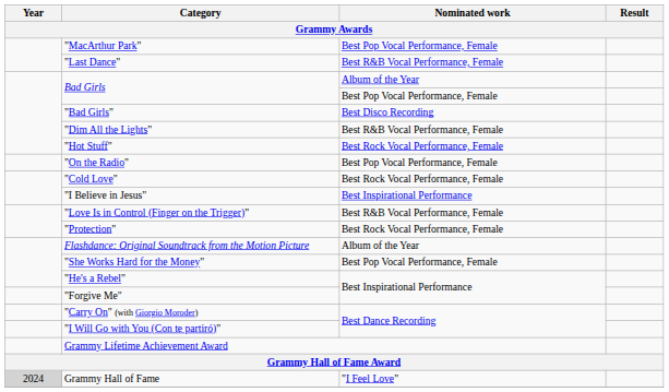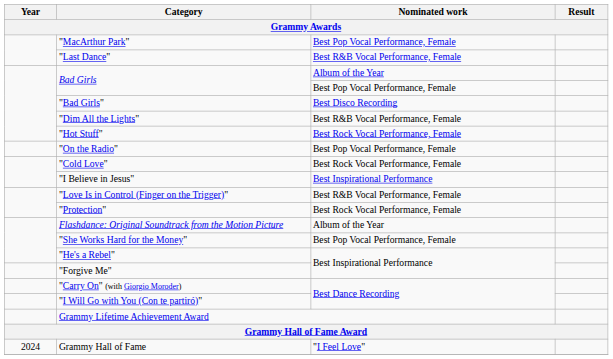 <table class=wikitable>
 <tr>
 <th scope="col" style="width:5em;">Year</th>
 <th scope="col" style="width:26em;">Category</th>
 <th scope="col" style="width:25em;">Nominated work</th>
 <th scope="col" style="width:5em;">Result</th>
 </tr>
 <tr>
 <th colspan=19><a href='#'>Grammy Awards</a></th>
 </tr>
 <tr>
 <td rowspan="2" style="text-align:center;"></td>
 <td>"<a href='#'>MacArthur Park</a>"</td>
 <td><a href='#'>Best Pop Vocal Performance, Female</a></td>
 <td></td>
 </tr>
 <tr>
 <td>"<a href='#'>Last Dance</a>"</td>
 <td><a href='#'>Best R&B Vocal Performance, Female</a></td>
 <td></td>
 </tr>
 <tr>
 <td rowspan="5" style="text-align:center;"></td>
 <td rowspan="2"><em><a href='#'>Bad Girls</a></em></td>
 <td><a href='#'>Album of the Year</a></td>
 <td></td>
 </tr>
 <tr>
 <td>Best Pop Vocal Performance, Female</td>
 <td></td>
 </tr>
 <tr>
 <td>"<a href='#'>Bad Girls</a>"</td>
 <td><a href='#'>Best Disco Recording</a></td>
 <td></td>
 </tr>
 <tr>
 <td>"<a href='#'>Dim All the Lights</a>"</td>
 <td>Best R&B Vocal Performance, Female</td>
 <td></td>
 </tr>
 <tr>
 <td>"<a href='#'>Hot Stuff</a>"</td>
 <td><a href='#'>Best Rock Vocal Performance, Female</a></td>
 <td></td>
 </tr>
 <tr>
 <td rowspan="1" style="text-align:center;"></td>
 <td>"<a href='#'>On the Radio</a>"</td>
 <td>Best Pop Vocal Performance, Female</td>
 <td></td>
 </tr>
 <tr>
 <td rowspan="2" style="text-align:center;"></td>
 <td>"<a href='#'>Cold Love</a>"</td>
 <td>Best Rock Vocal Performance, Female</td>
 <td></td>
 </tr>
 <tr>
 <td>"I Believe in Jesus"</td>
 <td><a href='#'>Best Inspirational Performance</a></td>
 <td></td>
 </tr>
 <tr>
 <td rowspan="2" style="text-align:center;"></td>
 <td>"<a href='#'>Love Is in Control (Finger on the Trigger)</a>"</td>
 <td>Best R&B Vocal Performance, Female</td>
 <td></td>
 </tr>
 <tr>
 <td>"<a href='#'>Protection</a>"</td>
 <td>Best Rock Vocal Performance, Female</td>
 <td></td>
 </tr>
 <tr>
 <td rowspan="3" style="text-align:center;"></td>
 <td><em><a href='#'>Flashdance: Original Soundtrack from the Motion Picture</a></em></td>
 <td>Album of the Year</td>
 <td></td>
 </tr>
 <tr>
 <td>"<a href='#'>She Works Hard for the Money</a>"</td>
 <td>Best Pop Vocal Performance, Female</td>
 <td></td>
 </tr>
 <tr>
 <td>"<a href='#'>He's a Rebel</a>"</td>
 <td rowspan="2">Best Inspirational Performance</td>
 <td></td>
 </tr>
 <tr>
 <td rowspan style="text-align:center;"></td>
 <td>"Forgive Me"</td>
 <td></td>
 </tr>
 <tr>
 <td rowspan style="text-align:center;"></td>
 <td>"<a href='#'>Carry On</a>" <small>(with <a href='#'>Giorgio Moroder</a>)</small></td>
 <td rowspan="2"><a href='#'>Best Dance Recording</a></td>
 <td></td>
 </tr>
 <tr>
 <td rowspan style="text-align:center;"></td>
 <td>"<a href='#'>I Will Go with You (Con te partiró)</a>"</td>
 <td></td>
 </tr>
 <tr>
 <td rowspan style="text-align:center;"></td>
 <td colspan=2><a href='#'>Grammy Lifetime Achievement Award</a></td>
 <td></td>
 </tr>
 <tr>
 <th colspan=4><a href='#'>Grammy Hall of Fame Award</a></th>
 </tr>
 <tr>
-<td style="background: lightgrey; text-align:center;">2024</td>
+<td style="text-align:center;">2024</td>
 <td rowspan=1>Grammy Hall of Fame</td>
 <td>"<a href='#'>I Feel Love</a>"</td>
 <td></td>
 </tr>
 <tr>
 </tr>
 </table>
